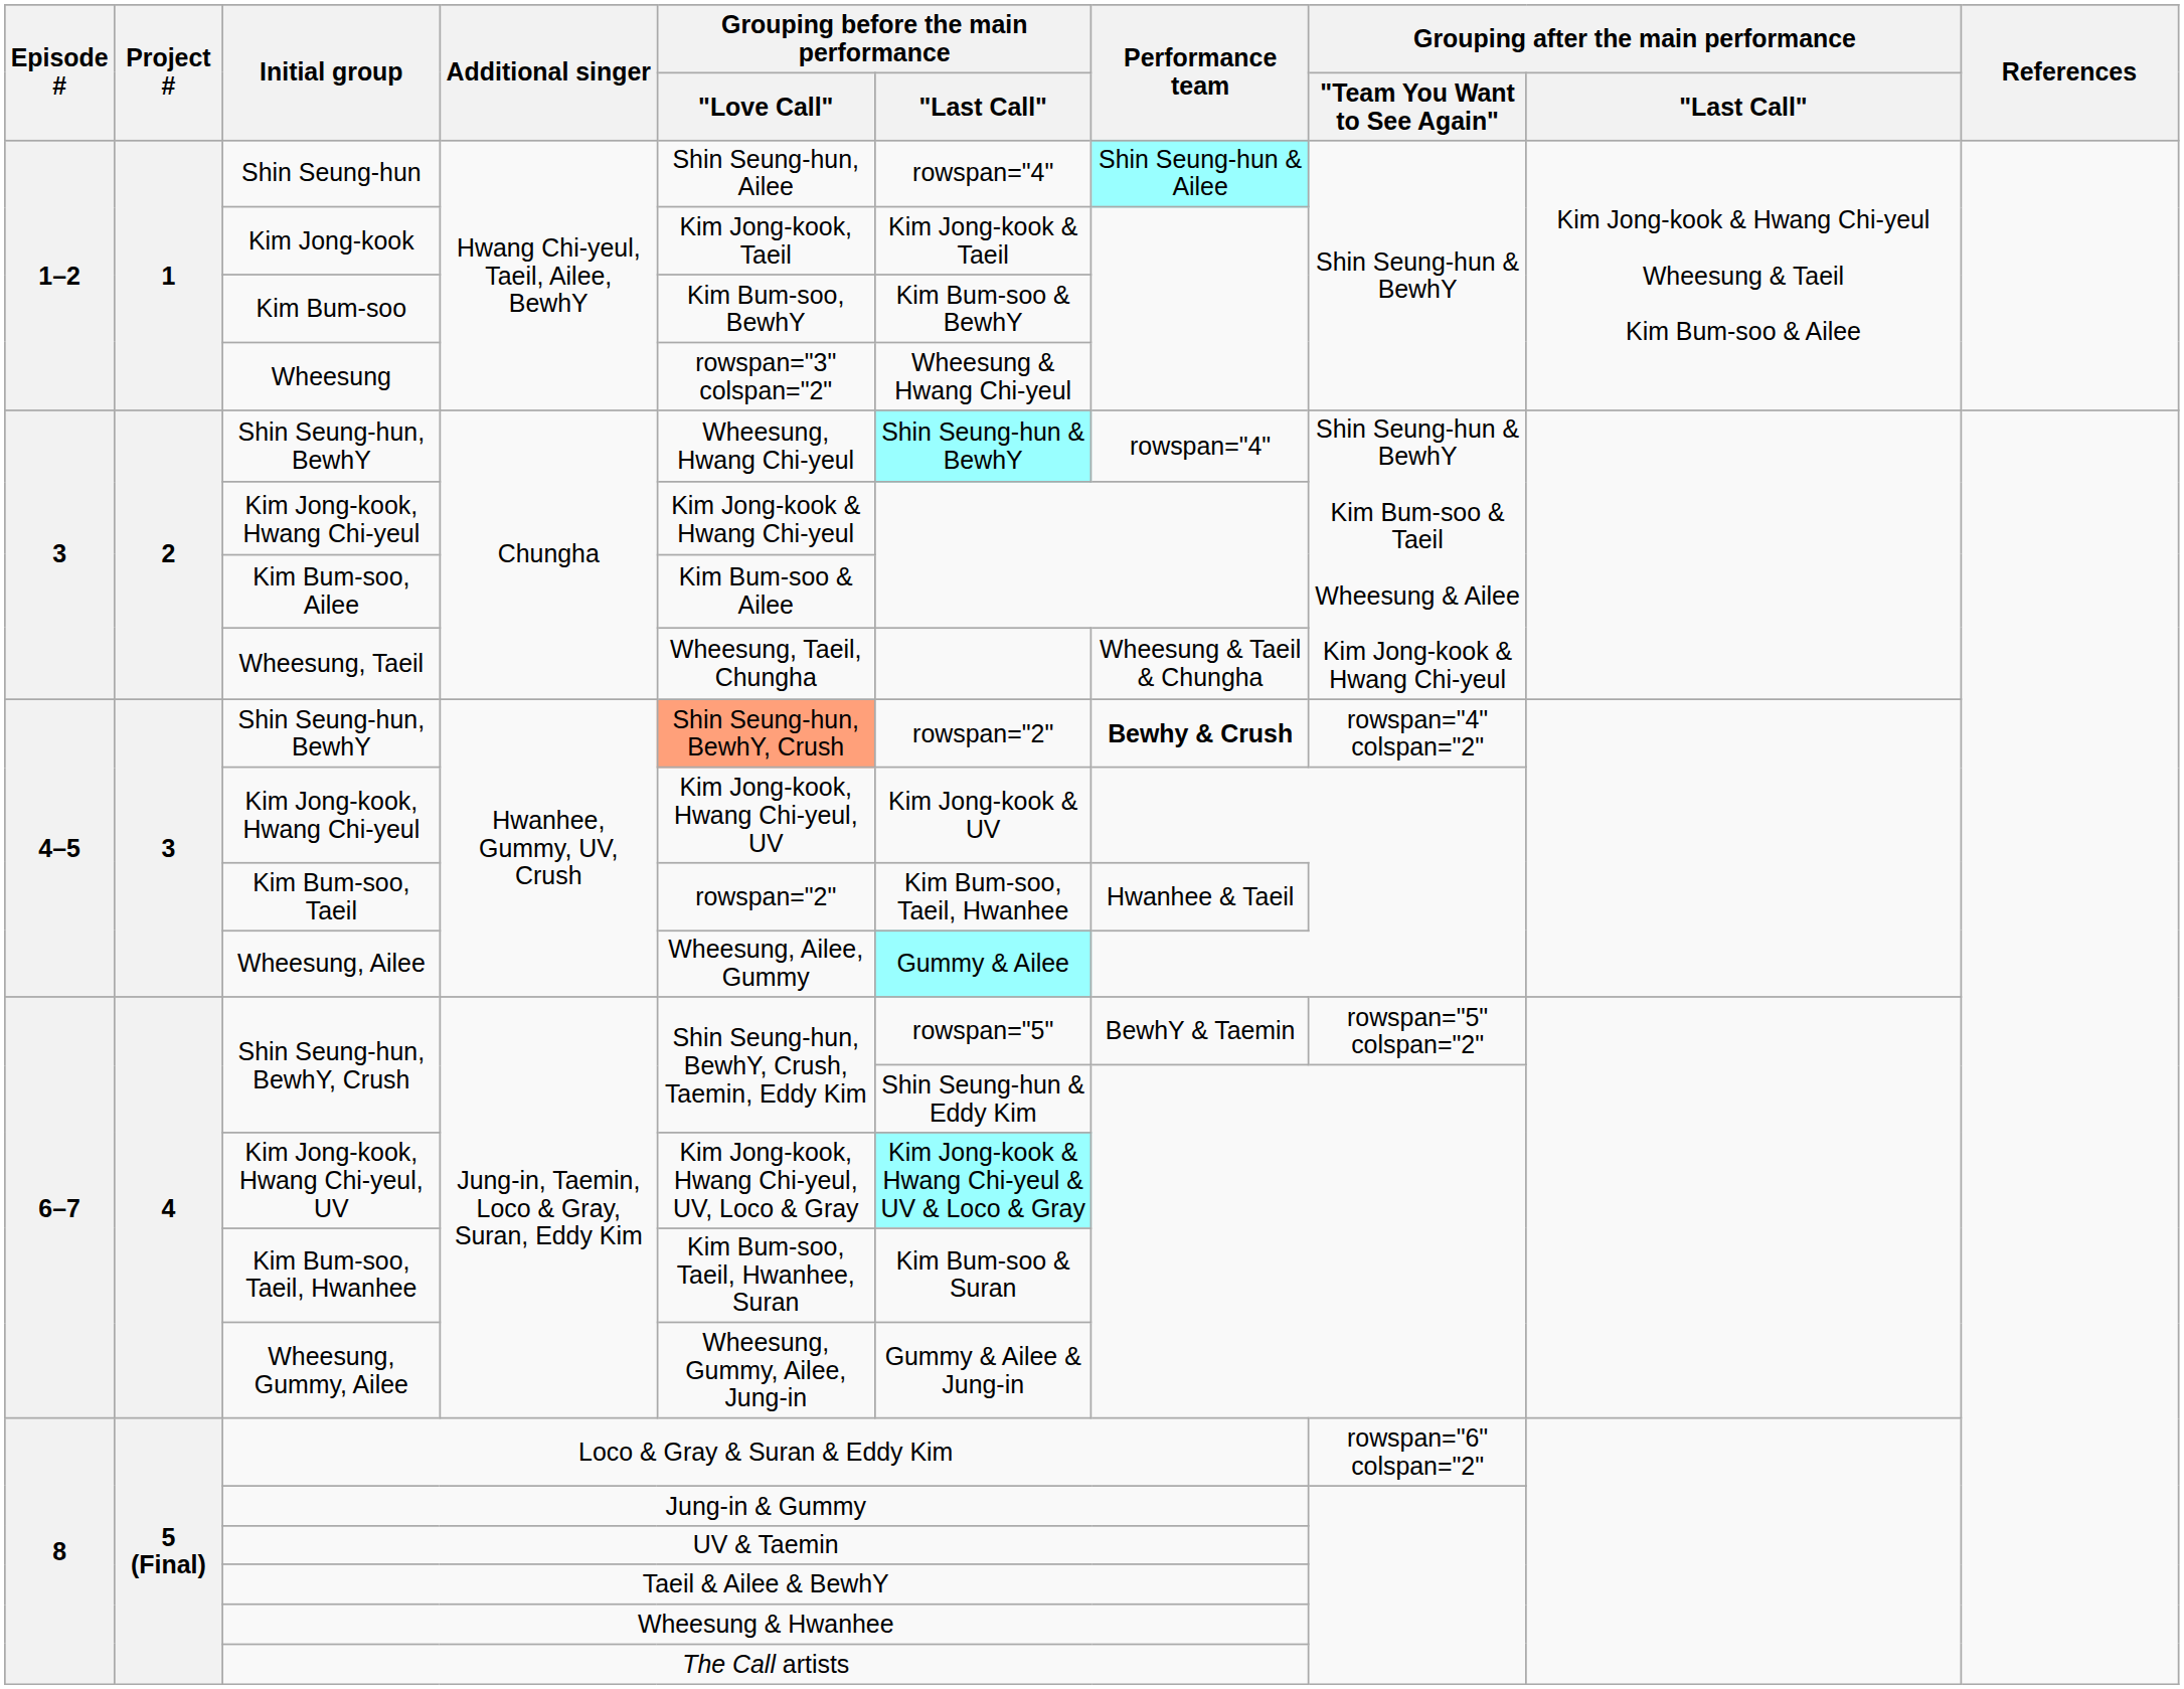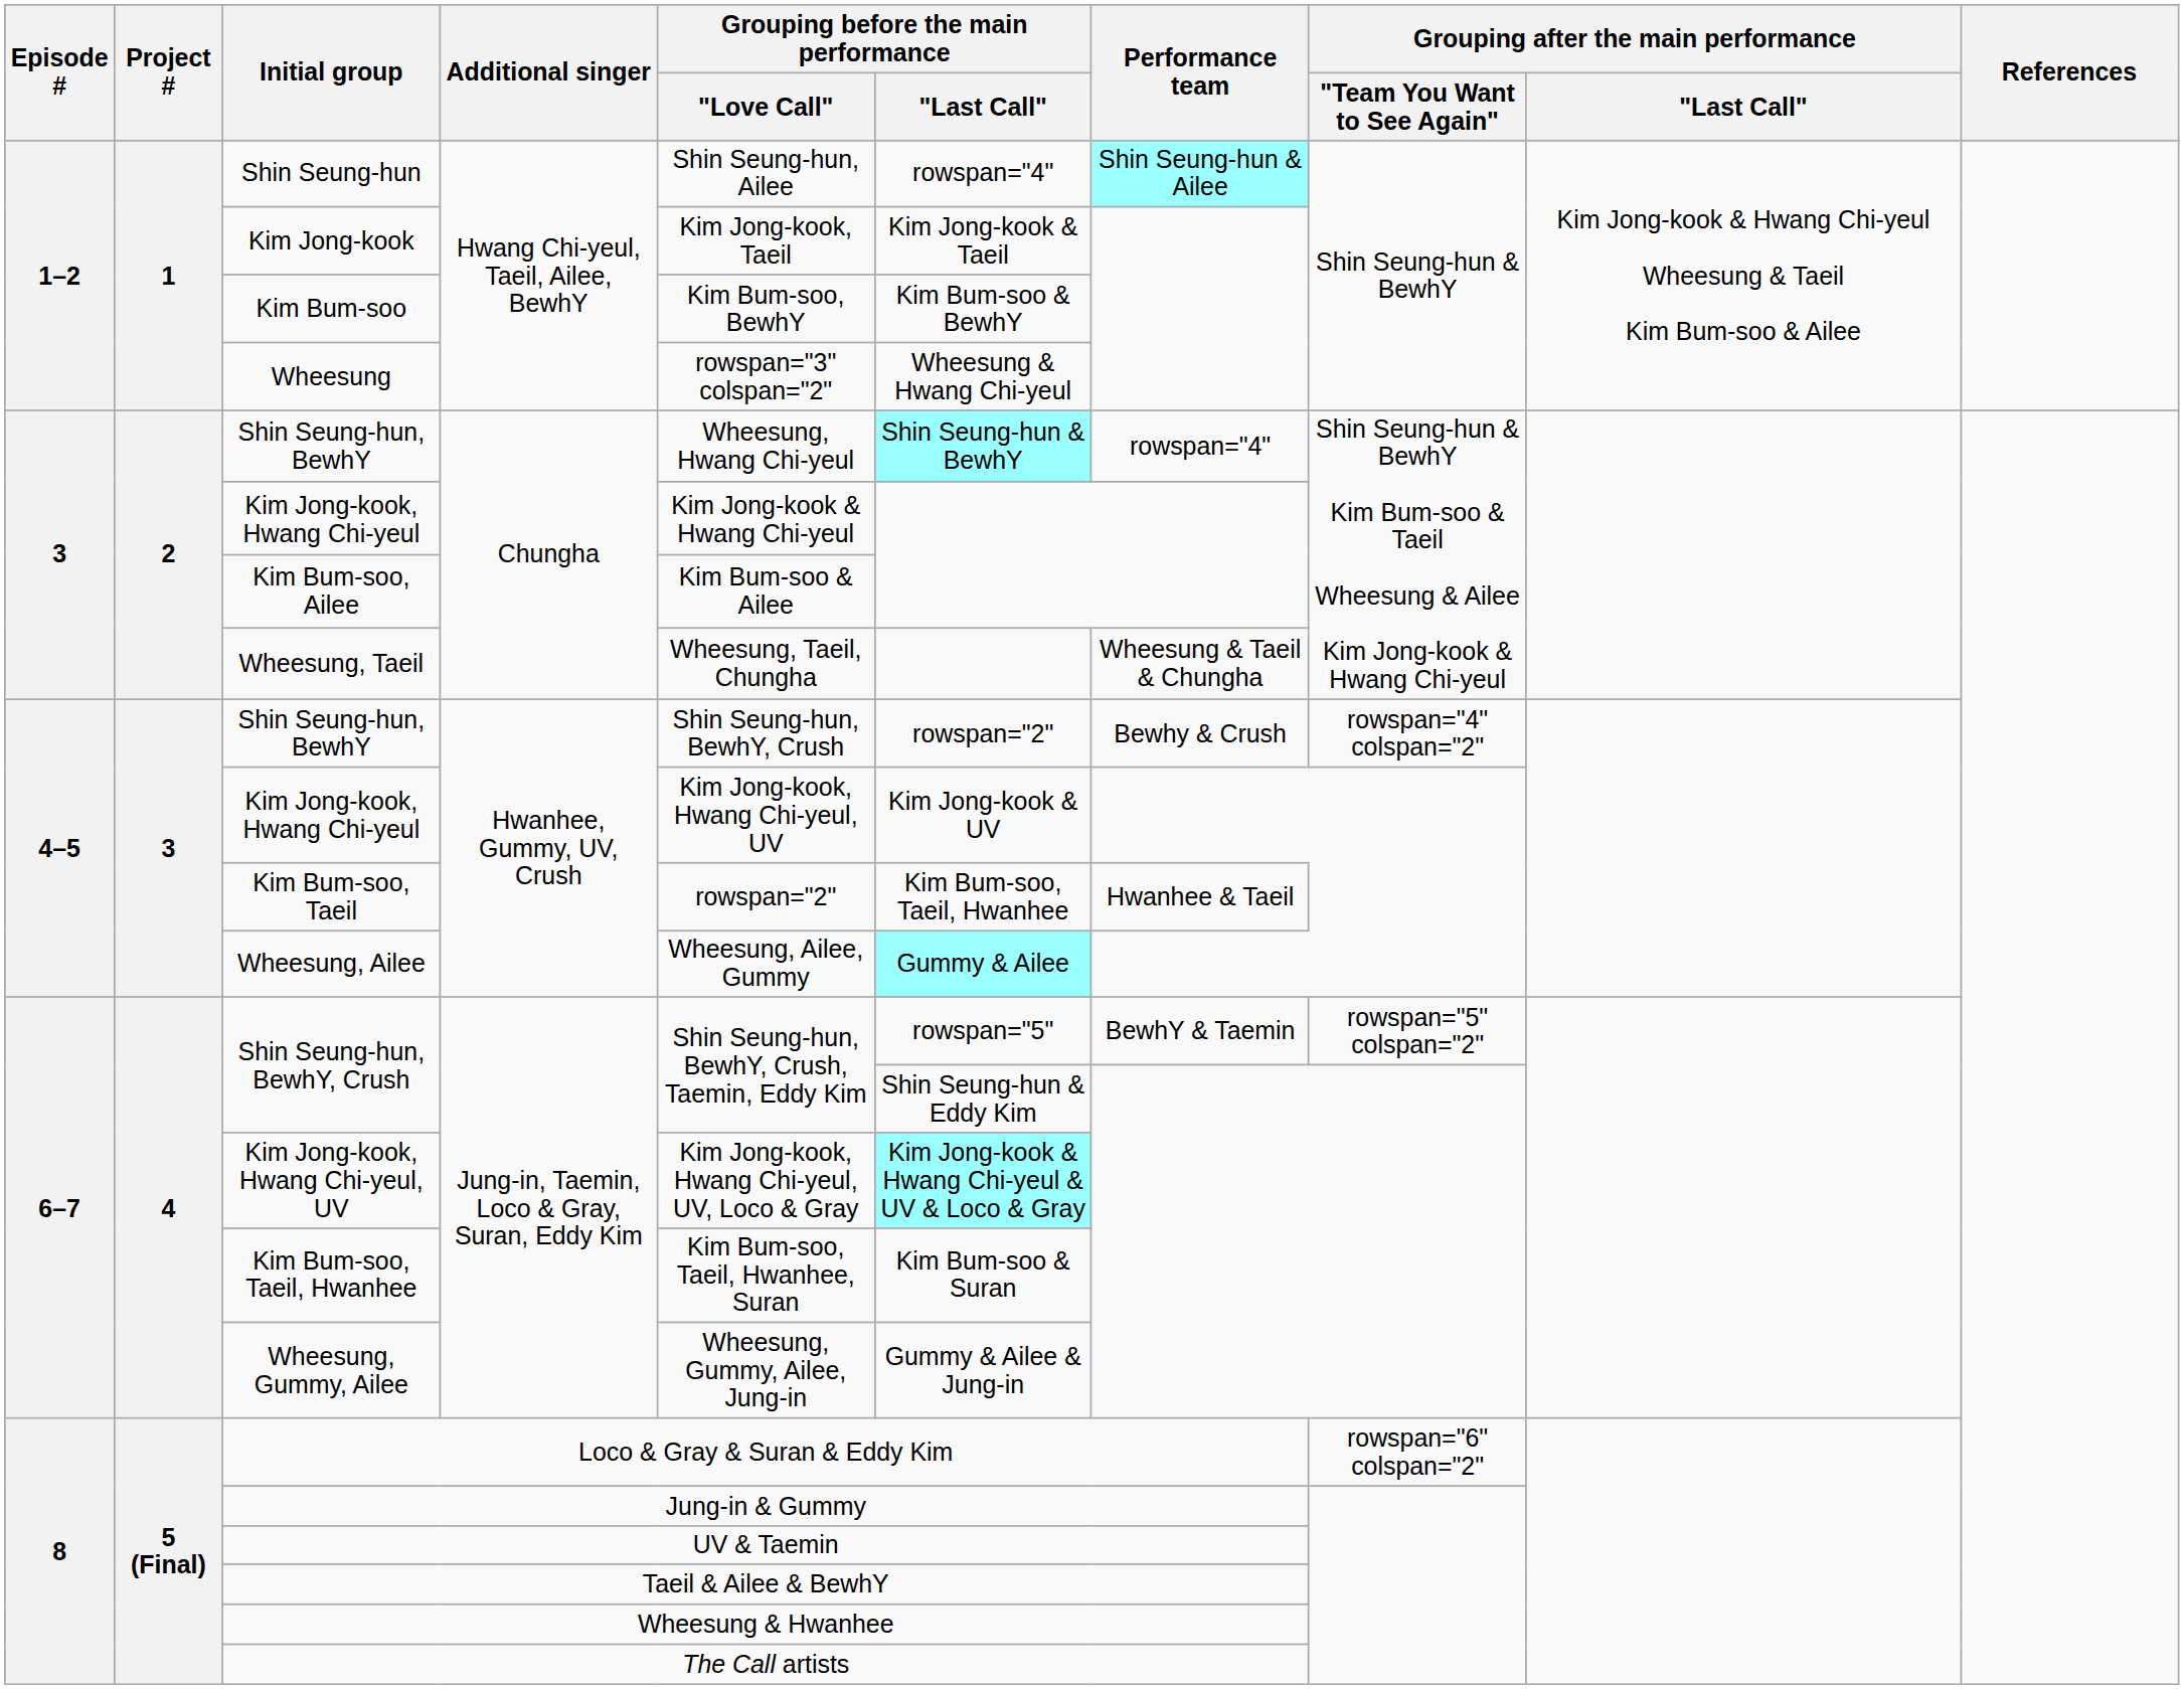 <table class="wikitable" style="text-align:center; font-size:90%;">
 <tr>
 <th width="5%" rowspan="2">Episode #</th>
 <th width="5%" rowspan="2">Project #</th>
 <th width="10%" rowspan="2">Initial group</th>
 <th width="10%" rowspan="2">Additional singer</th>
 <th colspan="2">Grouping before the main performance</th>
 <th width="10%" rowspan="2">Performance team</th>
 <th colspan="2">Grouping after the main performance</th>
 <th width="10%" rowspan="2">References</th>
 </tr>
 <tr>
 <th width="10%">"Love Call"</th>
 <th width="10%">"Last Call"<br></th>
 <th width="10%">"Team You Want to See Again"<br></th>
 <th width="20%">"Last Call"</th>
 </tr>
 <tr>
 <th rowspan=4>1–2</th>
 <th rowspan=4>1</th>
 <td>Shin Seung-hun</td>
 <td rowspan=4>Hwang Chi-yeul, Taeil, Ailee, BewhY</td>
 <td>Shin Seung-hun, Ailee</td>
 <td>rowspan="4" </td>
 <td bgcolor="#99FFFF">Shin Seung-hun & Ailee</td>
 <td rowspan=4>Shin Seung-hun & BewhY</td>
 <td rowspan=4>Kim Jong-kook & Hwang Chi-yeul<br><br>Wheesung & Taeil<br><br>Kim Bum-soo & Ailee<br></td>
 <td rowspan=4></td>
 </tr>
 <tr>
 <td>Kim Jong-kook</td>
 <td>Kim Jong-kook, Taeil</td>
 <td>Kim Jong-kook & Taeil</td>
 </tr>
 <tr>
 <td>Kim Bum-soo</td>
 <td>Kim Bum-soo, BewhY</td>
 <td>Kim Bum-soo & BewhY</td>
 </tr>
 <tr>
 <td>Wheesung</td>
 <td>rowspan="3" colspan="2" </td>
 <td>Wheesung & Hwang Chi-yeul</td>
 </tr>
 <tr>
 <th rowspan=4>3</th>
 <th rowspan=4>2</th>
 <td>Shin Seung-hun, BewhY</td>
 <td rowspan=4>Chungha</td>
 <td>Wheesung, Hwang Chi-yeul<br></td>
 <td bgcolor="#99FFFF">Shin Seung-hun & BewhY</td>
 <td>rowspan="4" </td>
 <td rowspan=4>Shin Seung-hun & BewhY<br><br>Kim Bum-soo & Taeil<br><br>Wheesung & Ailee<br><br>Kim Jong-kook & Hwang Chi-yeul<br></td>
 <td rowspan=4></td>
 </tr>
 <tr>
 <td>Kim Jong-kook, Hwang Chi-yeul</td>
 <td>Kim Jong-kook & Hwang Chi-yeul</td>
 </tr>
 <tr>
 <td>Kim Bum-soo, Ailee</td>
 <td>Kim Bum-soo & Ailee</td>
 </tr>
 <tr>
 <td>Wheesung, Taeil</td>
 <td>Wheesung, Taeil, Chungha</td>
 <td></td>
 <td>Wheesung & Taeil & Chungha</td>
 </tr>
 <tr>
 <th rowspan=4>4–5</th>
 <th rowspan=4>3</th>
 <td>Shin Seung-hun, BewhY</td>
 <td rowspan=4>Hwanhee, Gummy, UV, Crush</td>
-<td style="background: lightsalmon;">Shin Seung-hun, BewhY, Crush</td>
+<td>Shin Seung-hun, BewhY, Crush</td>
 <td>rowspan="2" </td>
-<td><strong>Bewhy & Crush</strong></td>
+<td>Bewhy & Crush</td>
 <td>rowspan="4" colspan="2" </td>
 <td rowspan=4></td>
 </tr>
 <tr>
 <td>Kim Jong-kook, Hwang Chi-yeul</td>
 <td>Kim Jong-kook, Hwang Chi-yeul, UV</td>
 <td>Kim Jong-kook & UV</td>
 </tr>
 <tr>
 <td>Kim Bum-soo, Taeil</td>
 <td>rowspan="2" </td>
 <td>Kim Bum-soo, Taeil, Hwanhee<br></td>
 <td>Hwanhee & Taeil</td>
 </tr>
 <tr>
 <td>Wheesung, Ailee</td>
 <td>Wheesung, Ailee, Gummy</td>
 <td bgcolor="#99FFFF">Gummy & Ailee</td>
 </tr>
 <tr>
 <th rowspan=5>6–7</th>
 <th rowspan=5>4</th>
 <td rowspan=2>Shin Seung-hun, BewhY, Crush</td>
 <td rowspan=5>Jung-in, Taemin, Loco & Gray, Suran, Eddy Kim</td>
 <td rowspan=2>Shin Seung-hun, BewhY, Crush, Taemin, Eddy Kim</td>
 <td>rowspan="5" </td>
 <td>BewhY & Taemin</td>
 <td>rowspan="5" colspan="2" </td>
 <td rowspan=5><br></td>
 </tr>
 <tr>
 <td>Shin Seung-hun & Eddy Kim</td>
 </tr>
 <tr>
 <td>Kim Jong-kook, Hwang Chi-yeul, UV</td>
 <td>Kim Jong-kook, Hwang Chi-yeul, UV, Loco & Gray</td>
 <td bgcolor="#99FFFF">Kim Jong-kook & Hwang Chi-yeul & UV & Loco & Gray</td>
 </tr>
 <tr>
 <td>Kim Bum-soo, Taeil, Hwanhee</td>
 <td>Kim Bum-soo, Taeil, Hwanhee, Suran</td>
 <td>Kim Bum-soo & Suran</td>
 </tr>
 <tr>
 <td>Wheesung, Gummy, Ailee</td>
 <td>Wheesung, Gummy, Ailee, Jung-in</td>
 <td>Gummy & Ailee & Jung-in</td>
 </tr>
 <tr>
 <th rowspan=6>8</th>
 <th rowspan=6>5<br>(Final)</th>
 <td colspan=5>Loco & Gray & Suran & Eddy Kim</td>
 <td>rowspan="6" colspan="2" </td>
 <td rowspan=6></td>
 </tr>
 <tr>
 <td colspan=5>Jung-in & Gummy</td>
 </tr>
 <tr>
 <td colspan=5>UV & Taemin</td>
 </tr>
 <tr>
 <td colspan=5>Taeil & Ailee & BewhY</td>
 </tr>
 <tr>
 <td colspan=5>Wheesung & Hwanhee</td>
 </tr>
 <tr>
 <td colspan=5><em>The Call</em> artists</td>
 </tr>
 </table>
